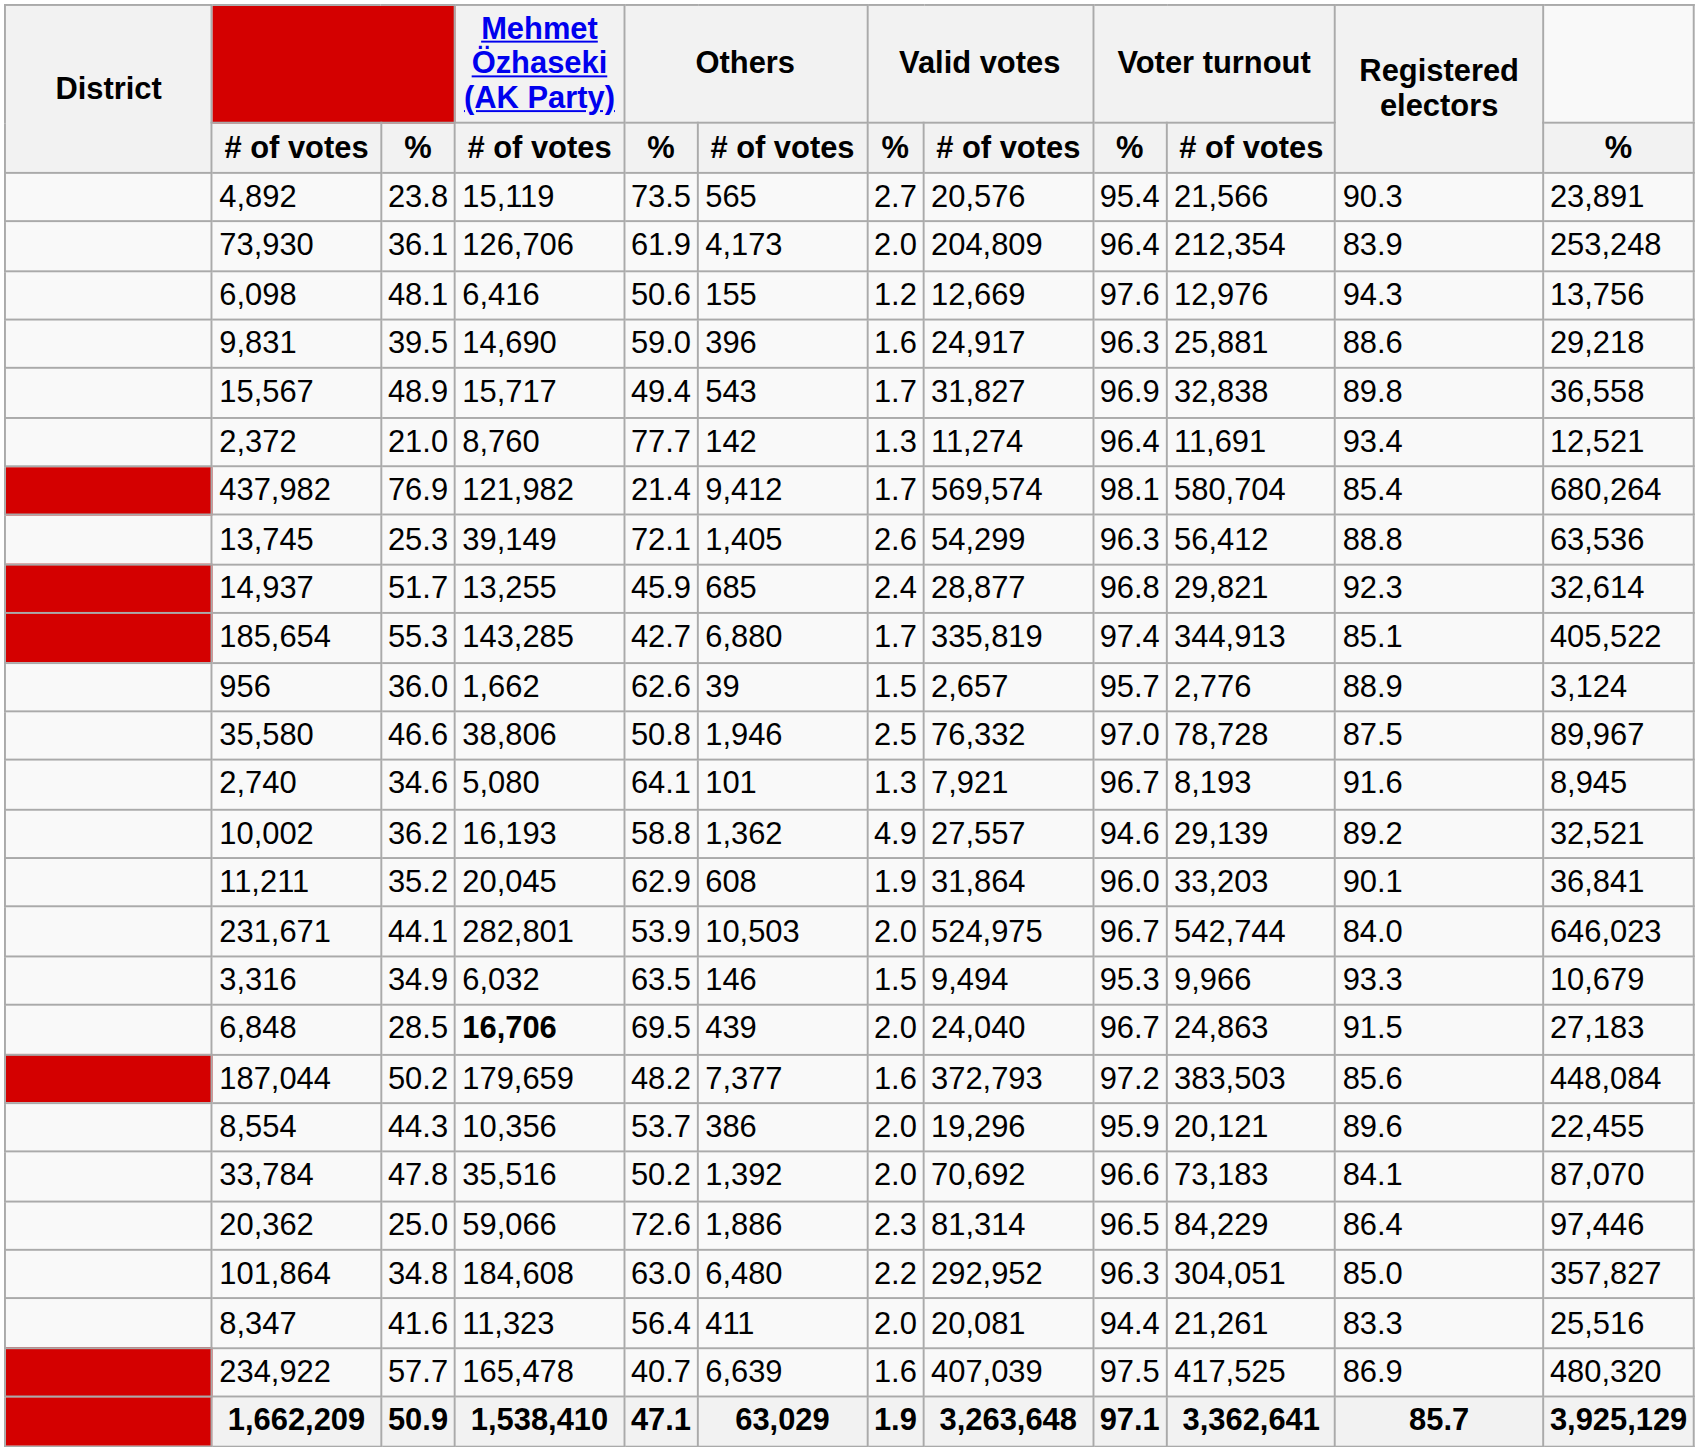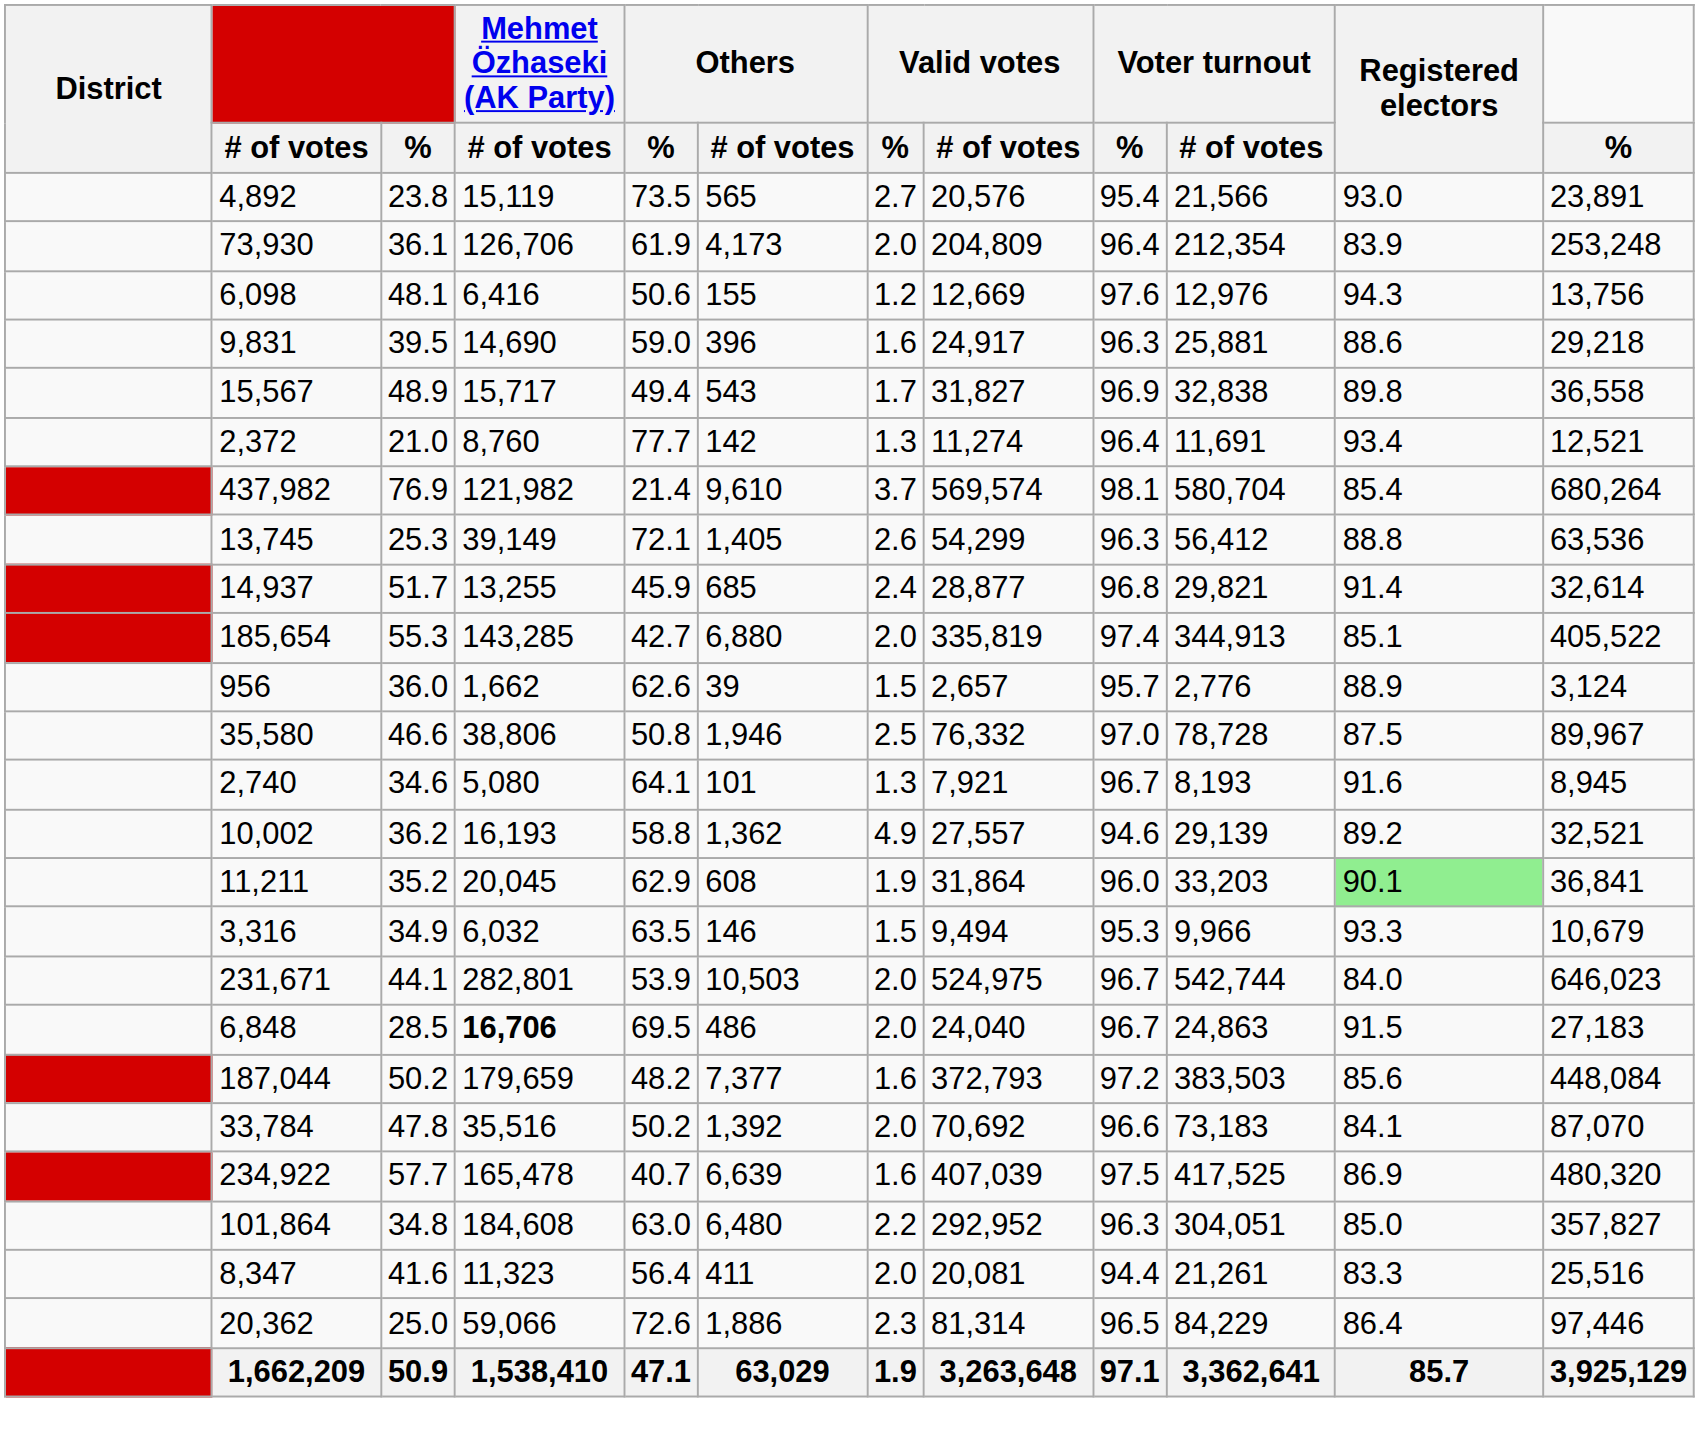 <table class="wikitable sortable">
 <tr>
 <th rowspan=2 width="100px">District</th>
 <th style="background: #d40000" colspan=2 width="100px"><a href='#'></a> <br><a href='#'></a></th>
 <th style="background: "><a href='#'>Mehmet Özhaseki</a> <br><a href='#'>(AK Party)</a></th>
 <th colspan=2 width="100px">Others</th>
 <th colspan=2 width="100px">Valid votes</th>
 <th colspan=2 width="100px">Voter turnout</th>
 <th rowspan=2 width="100px">Registered electors</th>
 </tr>
 <tr>
 <th width="80px"># of votes</th>
 <th width="20px">%</th>
 <th width="80px"># of votes</th>
 <th width="20px">%</th>
 <th width="80px"># of votes</th>
 <th width="20px">%</th>
 <th width="80px"># of votes</th>
 <th width="20px">%</th>
 <th width="80px"># of votes</th>
 <th width="20px">%</th>
 </tr>
 <tr>
 <td style="background: "></td>
 <td>4,892</td>
 <td>23.8</td>
 <td>15,119</td>
 <td>73.5</td>
 <td>565</td>
 <td>2.7</td>
 <td>20,576</td>
 <td>95.4</td>
 <td>21,566</td>
-<td>90.3</td>
+<td>93.0</td>
 <td>23,891</td>
 </tr>
 <tr>
 <td style="background: "></td>
 <td>73,930</td>
 <td>36.1</td>
 <td>126,706</td>
 <td>61.9</td>
 <td>4,173</td>
 <td>2.0</td>
 <td>204,809</td>
 <td>96.4</td>
 <td>212,354</td>
 <td>83.9</td>
 <td>253,248</td>
 </tr>
 <tr>
 <td style="background: "></td>
 <td>6,098</td>
 <td>48.1</td>
 <td>6,416</td>
 <td>50.6</td>
 <td>155</td>
 <td>1.2</td>
 <td>12,669</td>
 <td>97.6</td>
 <td>12,976</td>
 <td>94.3</td>
 <td>13,756</td>
 </tr>
 <tr>
 <td style="background: "></td>
 <td>9,831</td>
 <td>39.5</td>
 <td>14,690</td>
 <td>59.0</td>
 <td>396</td>
 <td>1.6</td>
 <td>24,917</td>
 <td>96.3</td>
 <td>25,881</td>
 <td>88.6</td>
 <td>29,218</td>
 </tr>
 <tr>
 <td style="background: "></td>
 <td>15,567</td>
 <td>48.9</td>
 <td>15,717</td>
 <td>49.4</td>
 <td>543</td>
 <td>1.7</td>
 <td>31,827</td>
 <td>96.9</td>
 <td>32,838</td>
 <td>89.8</td>
 <td>36,558</td>
 </tr>
 <tr>
 <td style="background: "></td>
 <td>2,372</td>
 <td>21.0</td>
 <td>8,760</td>
 <td>77.7</td>
 <td>142</td>
 <td>1.3</td>
 <td>11,274</td>
 <td>96.4</td>
 <td>11,691</td>
 <td>93.4</td>
 <td>12,521</td>
 </tr>
 <tr>
 <td style="background: #d40000"><a href='#'></a></td>
 <td>437,982</td>
 <td>76.9</td>
 <td>121,982</td>
 <td>21.4</td>
-<td>9,412</td>
-<td>1.7</td>
+<td>9,610</td>
+<td>3.7</td>
 <td>569,574</td>
 <td>98.1</td>
 <td>580,704</td>
 <td>85.4</td>
 <td>680,264</td>
 </tr>
 <tr>
 <td style="background: "></td>
 <td>13,745</td>
 <td>25.3</td>
 <td>39,149</td>
 <td>72.1</td>
 <td>1,405</td>
 <td>2.6</td>
 <td>54,299</td>
 <td>96.3</td>
 <td>56,412</td>
 <td>88.8</td>
 <td>63,536</td>
 </tr>
 <tr>
 <td style="background: #d40000"><a href='#'></a></td>
 <td>14,937</td>
 <td>51.7</td>
 <td>13,255</td>
 <td>45.9</td>
 <td>685</td>
 <td>2.4</td>
 <td>28,877</td>
 <td>96.8</td>
 <td>29,821</td>
-<td>92.3</td>
+<td>91.4</td>
 <td>32,614</td>
 </tr>
 <tr>
 <td style="background: #d40000"><a href='#'></a></td>
 <td>185,654</td>
 <td>55.3</td>
 <td>143,285</td>
 <td>42.7</td>
 <td>6,880</td>
-<td>1.7</td>
+<td>2.0</td>
 <td>335,819</td>
 <td>97.4</td>
 <td>344,913</td>
 <td>85.1</td>
 <td>405,522</td>
 </tr>
 <tr>
 <td style="background: "></td>
 <td>956</td>
 <td>36.0</td>
 <td>1,662</td>
 <td>62.6</td>
 <td>39</td>
 <td>1.5</td>
 <td>2,657</td>
 <td>95.7</td>
 <td>2,776</td>
 <td>88.9</td>
 <td>3,124</td>
 </tr>
 <tr>
 <td style="background: "></td>
 <td>35,580</td>
 <td>46.6</td>
 <td>38,806</td>
 <td>50.8</td>
 <td>1,946</td>
 <td>2.5</td>
 <td>76,332</td>
 <td>97.0</td>
 <td>78,728</td>
 <td>87.5</td>
 <td>89,967</td>
 </tr>
 <tr>
 <td style="background: "></td>
 <td>2,740</td>
 <td>34.6</td>
 <td>5,080</td>
 <td>64.1</td>
 <td>101</td>
 <td>1.3</td>
 <td>7,921</td>
 <td>96.7</td>
 <td>8,193</td>
 <td>91.6</td>
 <td>8,945</td>
 </tr>
 <tr>
 <td style="background: "></td>
 <td>10,002</td>
 <td>36.2</td>
 <td>16,193</td>
 <td>58.8</td>
 <td>1,362</td>
 <td>4.9</td>
 <td>27,557</td>
 <td>94.6</td>
 <td>29,139</td>
 <td>89.2</td>
 <td>32,521</td>
 </tr>
 <tr>
 <td style="background: "></td>
 <td>11,211</td>
 <td>35.2</td>
 <td>20,045</td>
 <td>62.9</td>
 <td>608</td>
 <td>1.9</td>
 <td>31,864</td>
 <td>96.0</td>
 <td>33,203</td>
-<td>90.1</td>
+<td style="background: lightgreen;">90.1</td>
 <td>36,841</td>
+</tr>
+<tr>
+<td style="background: "></td>
+<td>3,316</td>
+<td>34.9</td>
+<td>6,032</td>
+<td>63.5</td>
+<td>146</td>
+<td>1.5</td>
+<td>9,494</td>
+<td>95.3</td>
+<td>9,966</td>
+<td>93.3</td>
+<td>10,679</td>
 </tr>
 <tr>
 <td style="background: "></td>
 <td>231,671</td>
 <td>44.1</td>
 <td>282,801</td>
 <td>53.9</td>
 <td>10,503</td>
 <td>2.0</td>
 <td>524,975</td>
 <td>96.7</td>
 <td>542,744</td>
 <td>84.0</td>
 <td>646,023</td>
 </tr>
 <tr>
 <td style="background: "></td>
-<td>3,316</td>
-<td>34.9</td>
-<td>6,032</td>
-<td>63.5</td>
-<td>146</td>
-<td>1.5</td>
-<td>9,494</td>
-<td>95.3</td>
-<td>9,966</td>
-<td>93.3</td>
-<td>10,679</td>
-</tr>
-<tr>
-<td style="background: "></td>
 <td>6,848</td>
 <td>28.5</td>
 <td><strong>16,706</strong></td>
 <td>69.5</td>
-<td>439</td>
+<td>486</td>
 <td>2.0</td>
 <td>24,040</td>
 <td>96.7</td>
 <td>24,863</td>
 <td>91.5</td>
 <td>27,183</td>
 </tr>
 <tr>
 <td style="background: #d40000"><a href='#'></a></td>
 <td>187,044</td>
 <td>50.2</td>
 <td>179,659</td>
 <td>48.2</td>
 <td>7,377</td>
 <td>1.6</td>
 <td>372,793</td>
 <td>97.2</td>
 <td>383,503</td>
 <td>85.6</td>
 <td>448,084</td>
 </tr>
 <tr>
 <td style="background: "></td>
-<td>8,554</td>
-<td>44.3</td>
-<td>10,356</td>
-<td>53.7</td>
-<td>386</td>
-<td>2.0</td>
-<td>19,296</td>
-<td>95.9</td>
-<td>20,121</td>
-<td>89.6</td>
-<td>22,455</td>
-</tr>
-<tr>
-<td style="background: "></td>
 <td>33,784</td>
 <td>47.8</td>
 <td>35,516</td>
 <td>50.2</td>
 <td>1,392</td>
 <td>2.0</td>
 <td>70,692</td>
 <td>96.6</td>
 <td>73,183</td>
 <td>84.1</td>
 <td>87,070</td>
 </tr>
 <tr>
-<td style="background: "></td>
-<td>20,362</td>
-<td>25.0</td>
-<td>59,066</td>
-<td>72.6</td>
-<td>1,886</td>
-<td>2.3</td>
-<td>81,314</td>
-<td>96.5</td>
-<td>84,229</td>
-<td>86.4</td>
-<td>97,446</td>
+<td style="background: #d40000"><a href='#'></a></td>
+<td>234,922</td>
+<td>57.7</td>
+<td>165,478</td>
+<td>40.7</td>
+<td>6,639</td>
+<td>1.6</td>
+<td>407,039</td>
+<td>97.5</td>
+<td>417,525</td>
+<td>86.9</td>
+<td>480,320</td>
 </tr>
 <tr>
 <td style="background: "></td>
 <td>101,864</td>
 <td>34.8</td>
 <td>184,608</td>
 <td>63.0</td>
 <td>6,480</td>
 <td>2.2</td>
 <td>292,952</td>
 <td>96.3</td>
 <td>304,051</td>
 <td>85.0</td>
 <td>357,827</td>
 </tr>
 <tr>
 <td style="background: "></td>
 <td>8,347</td>
 <td>41.6</td>
 <td>11,323</td>
 <td>56.4</td>
 <td>411</td>
 <td>2.0</td>
 <td>20,081</td>
 <td>94.4</td>
 <td>21,261</td>
 <td>83.3</td>
 <td>25,516</td>
 </tr>
 <tr>
-<td style="background: #d40000"><a href='#'></a></td>
-<td>234,922</td>
-<td>57.7</td>
-<td>165,478</td>
-<td>40.7</td>
-<td>6,639</td>
-<td>1.6</td>
-<td>407,039</td>
-<td>97.5</td>
-<td>417,525</td>
-<td>86.9</td>
-<td>480,320</td>
+<td style="background: "></td>
+<td>20,362</td>
+<td>25.0</td>
+<td>59,066</td>
+<td>72.6</td>
+<td>1,886</td>
+<td>2.3</td>
+<td>81,314</td>
+<td>96.5</td>
+<td>84,229</td>
+<td>86.4</td>
+<td>97,446</td>
 </tr>
 <tr>
 <th style="background: #d40000"><a href='#'></a></th>
 <th>1,662,209</th>
 <th>50.9</th>
 <th>1,538,410</th>
 <th>47.1</th>
 <th>63,029</th>
 <th>1.9</th>
 <th>3,263,648</th>
 <th>97.1</th>
 <th>3,362,641</th>
 <th>85.7</th>
 <th>3,925,129</th>
 </tr>
 </table>
